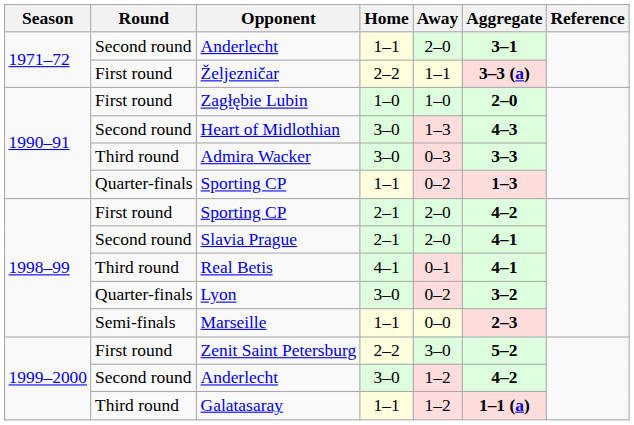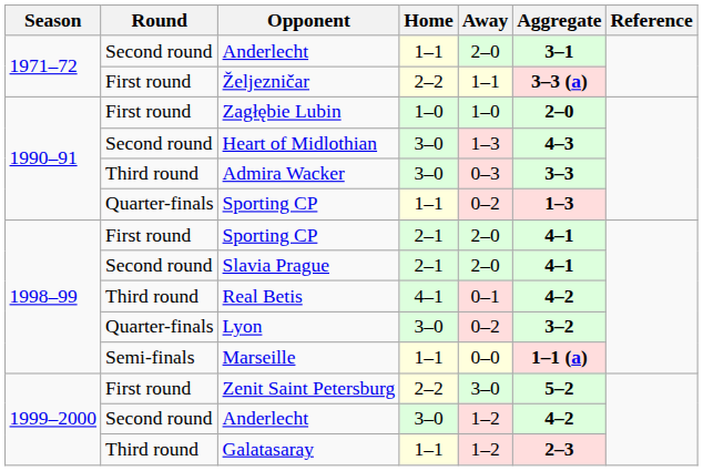 <table class="wikitable">
 <tr>
 <th>Season</th>
 <th>Round</th>
 <th>Opponent</th>
 <th>Home</th>
 <th>Away</th>
 <th>Aggregate</th>
 <th>Reference</th>
 </tr>
 <tr>
 <td rowspan=2><a href='#'>1971–72</a></td>
 <td>Second round</td>
 <td> <a href='#'>Anderlecht</a></td>
 <td style="text-align:center; background:#ffd;">1–1</td>
 <td style="text-align:center; background:#dfd;">2–0</td>
 <td style="text-align:center; background:#dfd;"><strong>3–1</strong></td>
 <td rowspan=2 style="text-align:center;"></td>
 </tr>
 <tr>
 <td>First round</td>
 <td> <a href='#'>Željezničar</a></td>
 <td style="text-align:center; background:#ffd;">2–2</td>
 <td style="text-align:center; background:#ffd;">1–1</td>
 <td style="text-align:center; background:#fdd;"><strong>3–3 (<a href='#'>a</a>)</strong></td>
 </tr>
 <tr>
 <td rowspan=4><a href='#'>1990–91</a></td>
 <td>First round</td>
 <td> <a href='#'>Zagłębie Lubin</a></td>
 <td style="text-align:center; background:#dfd;">1–0</td>
 <td style="text-align:center; background:#dfd;">1–0</td>
 <td style="text-align:center; background:#dfd;"><strong>2–0</strong></td>
 <td rowspan=4 style="text-align:center;"></td>
 </tr>
 <tr>
 <td>Second round</td>
 <td> <a href='#'>Heart of Midlothian</a></td>
 <td style="text-align:center; background:#dfd;">3–0</td>
 <td style="text-align:center; background:#fdd;">1–3</td>
 <td style="text-align:center; background:#dfd"><strong>4–3</strong></td>
 </tr>
 <tr>
 <td>Third round</td>
 <td> <a href='#'>Admira Wacker</a></td>
 <td style="text-align:center; background:#dfd;">3–0 </td>
 <td style="text-align:center; background:#fdd;">0–3</td>
 <td style="text-align:center; background:#dfd"><strong>3–3 </strong></td>
 </tr>
 <tr>
 <td>Quarter-finals</td>
 <td> <a href='#'>Sporting CP</a></td>
 <td style="text-align:center; background:#ffd;">1–1</td>
 <td style="text-align:center; background:#fdd;">0–2</td>
 <td style="text-align:center; background:#fdd"><strong>1–3</strong></td>
 </tr>
 <tr>
 <td rowspan=5><a href='#'>1998–99</a></td>
 <td>First round</td>
 <td> <a href='#'>Sporting CP</a></td>
 <td style="text-align:center; background:#dfd;">2–1</td>
 <td style="text-align:center; background:#dfd;">2–0</td>
-<td style="text-align:center; background:#dfd"><strong>4–2</strong></td>
+<td style="text-align:center; background:#dfd;"><strong>4–1</strong></td>
 <td rowspan=5 style="text-align:center;"></td>
 </tr>
 <tr>
 <td>Second round</td>
 <td> <a href='#'>Slavia Prague</a></td>
 <td style="text-align:center; background:#dfd;">2–1</td>
 <td style="text-align:center; background:#dfd;">2–0</td>
 <td style="text-align:center; background:#dfd"><strong>4–1</strong></td>
 </tr>
 <tr>
 <td>Third round</td>
 <td> <a href='#'>Real Betis</a></td>
 <td style="text-align:center; background:#dfd;">4–1</td>
 <td style="text-align:center; background:#fdd;">0–1</td>
-<td style="text-align:center; background:#dfd;"><strong>4–1</strong></td>
+<td style="text-align:center; background:#dfd"><strong>4–2</strong></td>
 </tr>
 <tr>
 <td>Quarter-finals</td>
 <td> <a href='#'>Lyon</a></td>
 <td style="text-align:center; background:#dfd;">3–0</td>
 <td style="text-align:center; background:#fdd;">0–2</td>
 <td style="text-align:center; background:#dfd"><strong>3–2</strong></td>
 </tr>
 <tr>
 <td>Semi-finals</td>
 <td> <a href='#'>Marseille</a></td>
 <td style="text-align:center; background:#ffd;">1–1</td>
 <td style="text-align:center; background:#ffd;">0–0</td>
-<td style="text-align:center; background:#fdd"><strong>2–3</strong></td>
+<td style="text-align:center; background:#fdd"><strong>1–1 (<a href='#'>a</a>)</strong></td>
 </tr>
 <tr>
 <td rowspan=3><a href='#'>1999–2000</a></td>
 <td>First round</td>
 <td> <a href='#'>Zenit Saint Petersburg</a></td>
 <td style="text-align:center; background:#ffd;">2–2</td>
 <td style="text-align:center; background:#dfd;">3–0</td>
 <td style="text-align:center; background:#dfd"><strong>5–2</strong></td>
 <td rowspan=3 style="text-align:center;"></td>
 </tr>
 <tr>
 <td>Second round</td>
 <td> <a href='#'>Anderlecht</a></td>
 <td style="text-align:center; background:#dfd;">3–0</td>
 <td style="text-align:center; background:#fdd;">1–2</td>
 <td style="text-align:center; background:#dfd"><strong>4–2</strong></td>
 </tr>
 <tr>
 <td>Third round</td>
 <td> <a href='#'>Galatasaray</a></td>
 <td style="text-align:center; background:#ffd;">1–1</td>
 <td style="text-align:center; background:#fdd;">1–2</td>
-<td style="text-align:center; background:#fdd"><strong>1–1 (<a href='#'>a</a>)</strong></td>
+<td style="text-align:center; background:#fdd"><strong>2–3</strong></td>
 </tr>
 </table>
